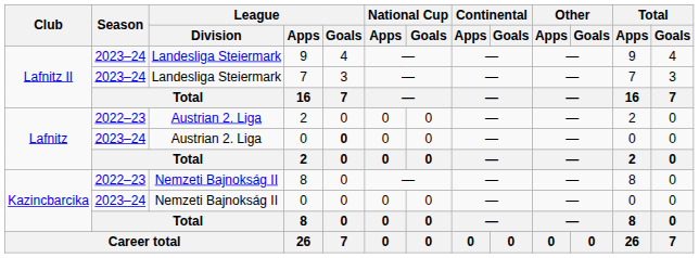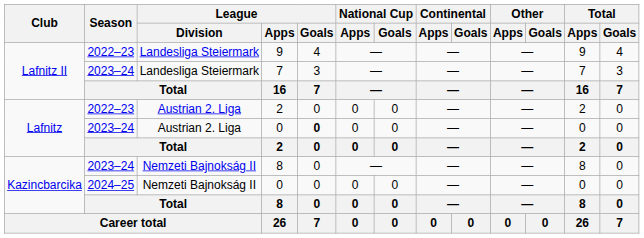 <table class=wikitable style=text-align:center>
 <tr>
 <th rowspan=2>Club</th>
 <th rowspan=2>Season</th>
 <th colspan=3>League</th>
 <th colspan=2>National Cup</th>
 <th colspan=2>Continental</th>
 <th colspan=2>Other</th>
 <th colspan=2>Total</th>
 </tr>
 <tr>
 <th>Division</th>
 <th>Apps</th>
 <th>Goals</th>
 <th>Apps</th>
 <th>Goals</th>
 <th>Apps</th>
 <th>Goals</th>
 <th>Apps</th>
 <th>Goals</th>
 <th>Apps</th>
 <th>Goals</th>
 </tr>
 <tr>
 <td rowspan="3"><a href='#'>Lafnitz II</a></td>
-<td><a href='#'>2023–24</a></td>
+<td><a href='#'>2022–23</a></td>
 <td><a href='#'>Landesliga Steiermark</a></td>
 <td>9</td>
 <td>4</td>
 <td colspan="2">—</td>
 <td colspan="2">—</td>
 <td colspan="2">—</td>
 <td>9</td>
 <td>4</td>
 </tr>
 <tr>
 <td><a href='#'>2023–24</a></td>
 <td>Landesliga Steiermark</td>
 <td>7</td>
 <td>3</td>
 <td colspan="2">—</td>
 <td colspan="2">—</td>
 <td colspan="2">—</td>
 <td>7</td>
 <td>3</td>
 </tr>
 <tr>
 <th colspan="2">Total</th>
 <th>16</th>
 <th>7</th>
 <th colspan="2">—</th>
 <th colspan="2">—</th>
 <th colspan="2">—</th>
 <th>16</th>
 <th>7</th>
 </tr>
 <tr>
 <td rowspan="3"><a href='#'>Lafnitz</a></td>
 <td><a href='#'>2022–23</a></td>
 <td><a href='#'>Austrian 2. Liga</a></td>
 <td>2</td>
 <td>0</td>
 <td>0</td>
 <td>0</td>
 <td colspan="2">—</td>
 <td colspan="2">—</td>
 <td>2</td>
 <td>0</td>
 </tr>
 <tr>
 <td><a href='#'>2023–24</a></td>
 <td>Austrian 2. Liga</td>
 <td>0</td>
 <td><strong>0</strong></td>
 <td>0</td>
 <td>0</td>
 <td colspan="2">—</td>
 <td colspan="2">—</td>
 <td>0</td>
 <td>0</td>
 </tr>
 <tr>
 <th colspan="2">Total</th>
 <th>2</th>
 <th>0</th>
 <th>0</th>
 <th>0</th>
 <th colspan="2">—</th>
 <th colspan="2">—</th>
 <th>2</th>
 <th>0</th>
 </tr>
 <tr>
 <td rowspan="3"><a href='#'>Kazincbarcika</a></td>
-<td><a href='#'>2022–23</a></td>
+<td><a href='#'>2023–24</a></td>
 <td><a href='#'>Nemzeti Bajnokság II</a></td>
 <td>8</td>
 <td>0</td>
 <td colspan="2">—</td>
 <td colspan="2">—</td>
 <td colspan="2">—</td>
 <td>8</td>
 <td>0</td>
 </tr>
 <tr>
-<td><a href='#'>2023–24</a></td>
+<td><a href='#'>2024–25</a></td>
 <td>Nemzeti Bajnokság II</td>
 <td>0</td>
 <td>0</td>
 <td>0</td>
 <td>0</td>
 <td colspan="2">—</td>
 <td colspan="2">—</td>
 <td>0</td>
 <td>0</td>
 </tr>
 <tr>
 <th colspan="2">Total</th>
 <th>8</th>
 <th>0</th>
 <th>0</th>
 <th>0</th>
 <th colspan="2">—</th>
 <th colspan="2">—</th>
 <th>8</th>
 <th>0</th>
 </tr>
 <tr>
 <th colspan="3">Career total</th>
 <th>26</th>
 <th>7</th>
 <th>0</th>
 <th>0</th>
 <th>0</th>
 <th>0</th>
 <th>0</th>
 <th>0</th>
 <th>26</th>
 <th>7</th>
 </tr>
 </table>
